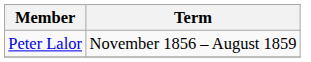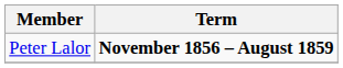 <table class="wikitable">
 <tr>
 <th>Member</th>
 <th>Term</th>
 </tr>
 <tr>
 <td><a href='#'>Peter Lalor</a></td>
-<td>November 1856 – August 1859</td>
+<td><strong>November 1856 – August 1859</strong></td>
 </tr>
 <tr>
 </tr>
 </table>
